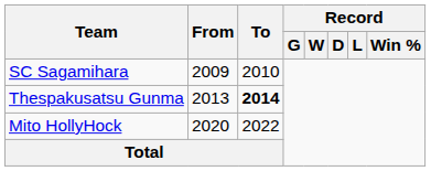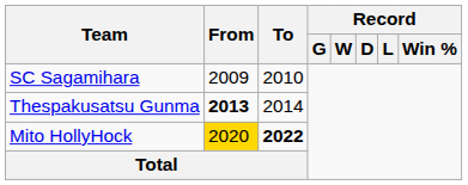 <table class="wikitable" style="text-align: center">
 <tr>
 <th rowspan="2">Team</th>
 <th rowspan="2">From</th>
 <th rowspan="2">To</th>
 <th colspan="5">Record</th>
 </tr>
 <tr>
 <th>G</th>
 <th>W</th>
 <th>D</th>
 <th>L</th>
 <th>Win %</th>
 </tr>
 <tr>
 <td align="left"><a href='#'>SC Sagamihara</a></td>
 <td align="left">2009</td>
 <td align="left">2010<br></td>
 </tr>
 <tr>
 <td align="left"><a href='#'>Thespakusatsu Gunma</a></td>
-<td align="left">2013</td>
-<td align="left"><strong>2014<br></strong></td>
+<td align="left"><strong>2013</strong></td>
+<td align="left">2014<br></td>
 </tr>
 <tr>
 <td align="left"><a href='#'>Mito HollyHock</a></td>
-<td align="left">2020</td>
-<td align="left">2022<br></td>
+<td align="left" style="background: gold;">2020</td>
+<td align="left"><strong>2022<br></strong></td>
 </tr>
 <tr>
 <th colspan="3">Total<br></th>
 </tr>
 </table>
